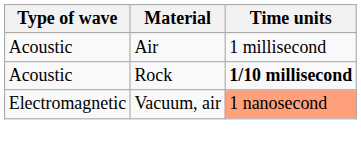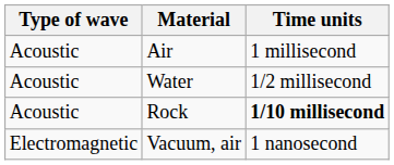 <table class="wikitable" style="text-align:left;">
 <tr>
 <th>Type of wave</th>
 <th>Material</th>
 <th>Time units</th>
 </tr>
 <tr>
 <td>Acoustic</td>
 <td>Air</td>
 <td>1 millisecond</td>
 </tr>
 <tr>
 <td>Acoustic</td>
+<td>Water</td>
+<td>1/2 millisecond</td>
+</tr>
+<tr>
+<td>Acoustic</td>
 <td>Rock</td>
 <td><strong>1/10 millisecond</strong></td>
 </tr>
 <tr>
 <td>Electromagnetic</td>
 <td>Vacuum, air</td>
-<td style="background: lightsalmon;">1 nanosecond</td>
+<td>1 nanosecond</td>
 </tr>
 </table>
